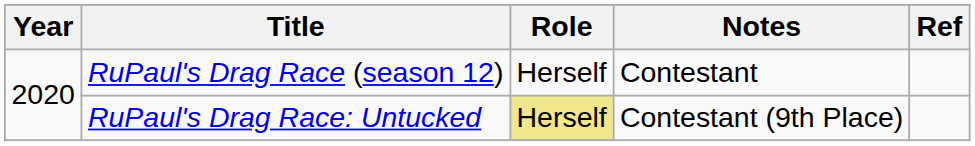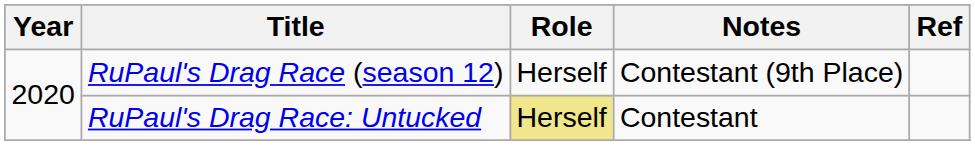 <table class="wikitable">
 <tr>
 <th>Year</th>
 <th>Title</th>
 <th>Role</th>
 <th>Notes</th>
 <th>Ref</th>
 </tr>
 <tr>
 <td rowspan="2">2020</td>
 <td><em><a href='#'>RuPaul's Drag Race</a></em> (<a href='#'>season 12</a>)</td>
 <td>Herself</td>
-<td>Contestant</td>
+<td>Contestant (9th Place)</td>
 <td></td>
 </tr>
 <tr>
 <td><em><a href='#'>RuPaul's Drag Race: Untucked</a></em></td>
 <td style="background: khaki;">Herself</td>
-<td>Contestant (9th Place)</td>
+<td>Contestant</td>
 <td></td>
 </tr>
 </table>
